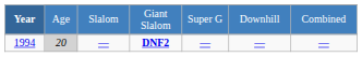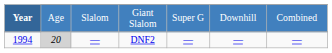 <table class="wikitable" style="font-size:95%; text-align:center; border:grey solid 1px; border-collapse:collapse;" width="40%">
 <tr style="background-color:#369; color:white;">
 <td rowspan="2" colspan="1" width="4%"><strong>Year</strong></td>
 </tr>
 <tr style="background-color:#4180be; color:white;">
 <td width="3%">Age</td>
 <td width="5%">Slalom</td>
 <td width="5%">Giant<br>Slalom</td>
 <td width="5%">Super G</td>
 <td width="5%">Downhill</td>
 <td width="5%">Combined</td>
 </tr>
 <tr style="background-color:#8CB2D8; color:white;">
 </tr>
 <tr>
 <td><a href='#'>1994</a></td>
 <td style="background: lightgrey;"><em>20</em></td>
 <td><a href='#'>—</a></td>
-<td><strong><a href='#'>DNF2</a></strong></td>
+<td><a href='#'>DNF2</a></td>
 <td><a href='#'>—</a></td>
 <td><a href='#'>—</a></td>
 <td><a href='#'>—</a></td>
 </tr>
 </table>
